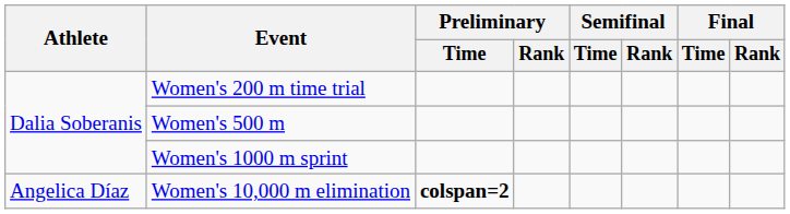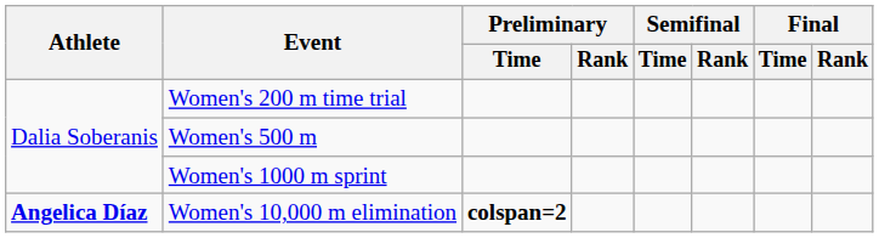 <table class=wikitable style=font-size:90%;text-align:center>
 <tr>
 <th rowspan=2>Athlete</th>
 <th rowspan=2>Event</th>
 <th colspan=2>Preliminary</th>
 <th colspan=2>Semifinal</th>
 <th colspan=2>Final</th>
 </tr>
 <tr style=font-size:95%>
 <th>Time</th>
 <th>Rank</th>
 <th>Time</th>
 <th>Rank</th>
 <th>Time</th>
 <th>Rank</th>
 </tr>
 <tr>
 <td rowspan=3 align=left><a href='#'>Dalia Soberanis</a></td>
 <td align=left><a href='#'>Women's 200 m time trial</a></td>
 <td></td>
 <td></td>
 <td></td>
 <td></td>
 <td></td>
 <td></td>
 </tr>
 <tr>
 <td align=left><a href='#'>Women's 500 m</a></td>
 <td></td>
 <td></td>
 <td></td>
 <td></td>
 <td></td>
 <td></td>
 </tr>
 <tr>
 <td align=left><a href='#'>Women's 1000 m sprint</a></td>
 <td></td>
 <td></td>
 <td></td>
 <td></td>
 <td></td>
 <td></td>
 </tr>
 <tr>
-<td align=left><a href='#'>Angelica Díaz</a></td>
+<td align=left><strong><a href='#'>Angelica Díaz</a></strong></td>
 <td align=left><a href='#'>Women's 10,000 m elimination</a></td>
 <td><strong>colspan=2 </strong></td>
 <td></td>
 <td></td>
 <td></td>
 <td></td>
 </tr>
 </table>
